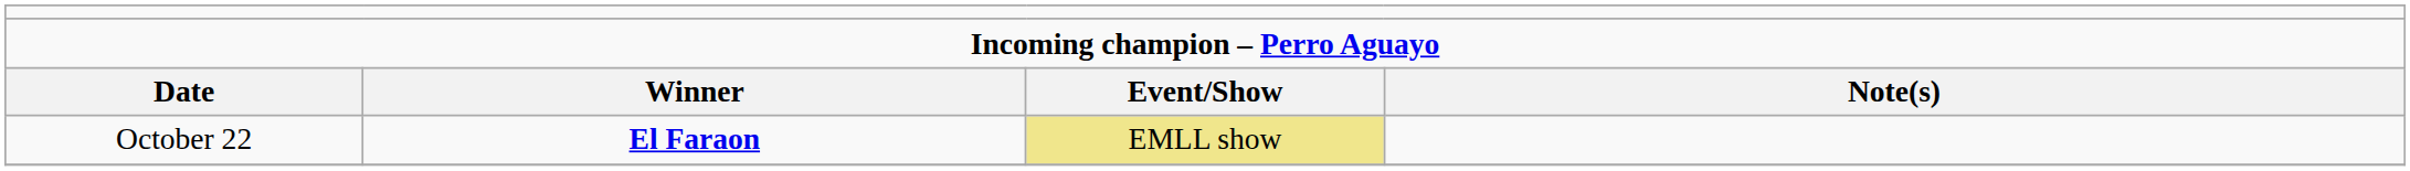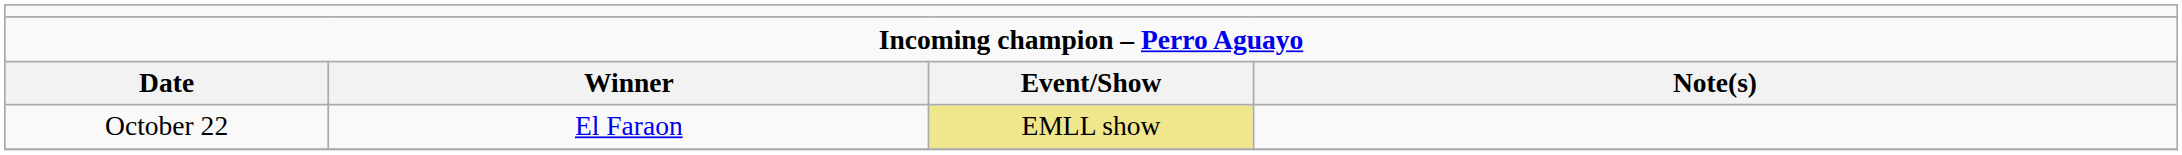 <table class="wikitable" style="text-align:center; width:100%;">
 <tr>
 <td colspan=5></td>
 </tr>
 <tr>
 <td colspan=5><strong>Incoming champion – <a href='#'>Perro Aguayo</a></strong></td>
 </tr>
 <tr>
 <th width=14%>Date</th>
 <th width=26%>Winner</th>
 <th width=14%>Event/Show</th>
 <th width=40%>Note(s)</th>
 </tr>
 <tr>
 <td>October 22</td>
-<td><strong><a href='#'>El Faraon</a></strong></td>
+<td><a href='#'>El Faraon</a></td>
 <td style="background: khaki;">EMLL show</td>
 <td></td>
 </tr>
 <tr>
 </tr>
 </table>
